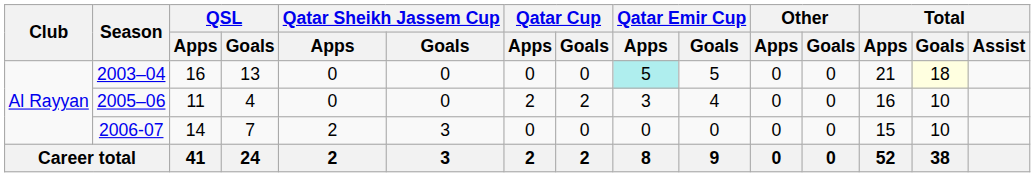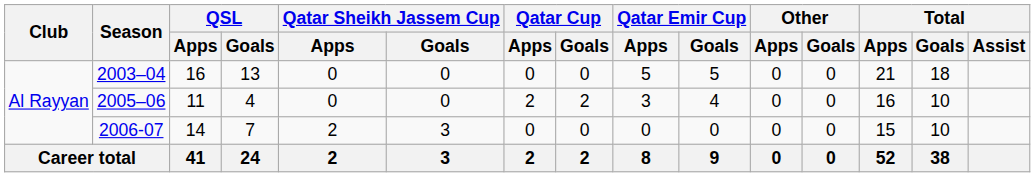 <table class="wikitable" style="text-align: center">
 <tr>
 <th rowspan="2">Club</th>
 <th rowspan="2">Season</th>
 <th colspan="2"><a href='#'>QSL</a></th>
 <th colspan="2"><a href='#'>Qatar Sheikh Jassem Cup</a></th>
 <th colspan="2"><a href='#'>Qatar Cup</a></th>
 <th colspan="2"><a href='#'>Qatar Emir Cup</a></th>
 <th colspan="2">Other</th>
 <th colspan="3">Total</th>
 </tr>
 <tr>
 <th>Apps</th>
 <th>Goals</th>
 <th>Apps</th>
 <th>Goals</th>
 <th>Apps</th>
 <th>Goals</th>
 <th>Apps</th>
 <th>Goals</th>
 <th>Apps</th>
 <th>Goals</th>
 <th>Apps</th>
 <th>Goals</th>
 <th>Assist</th>
 </tr>
 <tr>
 <td rowspan="3"><a href='#'>Al Rayyan</a></td>
 <td><a href='#'>2003–04</a></td>
 <td>16</td>
 <td>13</td>
 <td>0</td>
 <td>0</td>
 <td>0</td>
 <td>0</td>
-<td style="background: paleturquoise;">5</td>
+<td>5</td>
 <td>5</td>
 <td>0</td>
 <td>0</td>
 <td>21</td>
-<td style="background: lightyellow;">18</td>
+<td>18</td>
 <td></td>
 </tr>
 <tr>
 <td><a href='#'>2005–06</a></td>
 <td>11</td>
 <td>4</td>
 <td>0</td>
 <td>0</td>
 <td>2</td>
 <td>2</td>
 <td>3</td>
 <td>4</td>
 <td>0</td>
 <td>0</td>
 <td>16</td>
 <td>10</td>
 <td></td>
 </tr>
 <tr>
 <td><a href='#'>2006-07</a></td>
 <td>14</td>
 <td>7</td>
 <td>2</td>
 <td>3</td>
 <td>0</td>
 <td>0</td>
 <td>0</td>
 <td>0</td>
 <td>0</td>
 <td>0</td>
 <td>15</td>
 <td>10</td>
 <td></td>
 </tr>
 <tr>
 <th colspan="2">Career total</th>
 <th>41</th>
 <th>24</th>
 <th>2</th>
 <th>3</th>
 <th>2</th>
 <th>2</th>
 <th>8</th>
 <th>9</th>
 <th>0</th>
 <th>0</th>
 <th>52</th>
 <th>38</th>
 <th></th>
 </tr>
 </table>
